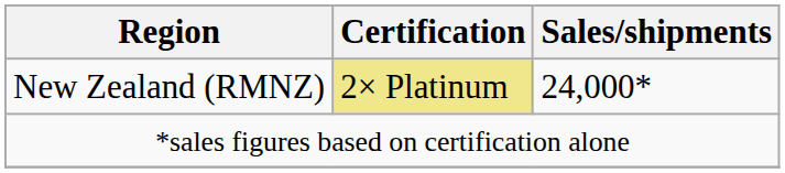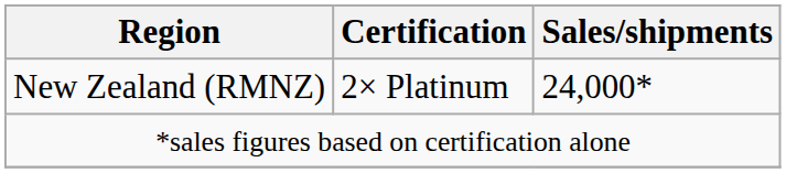 <table class="wikitable sortable">
 <tr>
 <th>Region</th>
 <th>Certification</th>
 <th>Sales/shipments</th>
 </tr>
 <tr>
 <td>New Zealand (RMNZ)</td>
-<td style="background: khaki;">2× Platinum</td>
+<td>2× Platinum</td>
 <td>24,000*</td>
 </tr>
 <tr>
 <td colspan="3" align="center"><small>*sales figures based on certification alone</small></td>
 </tr>
 <tr>
 </tr>
 </table>
